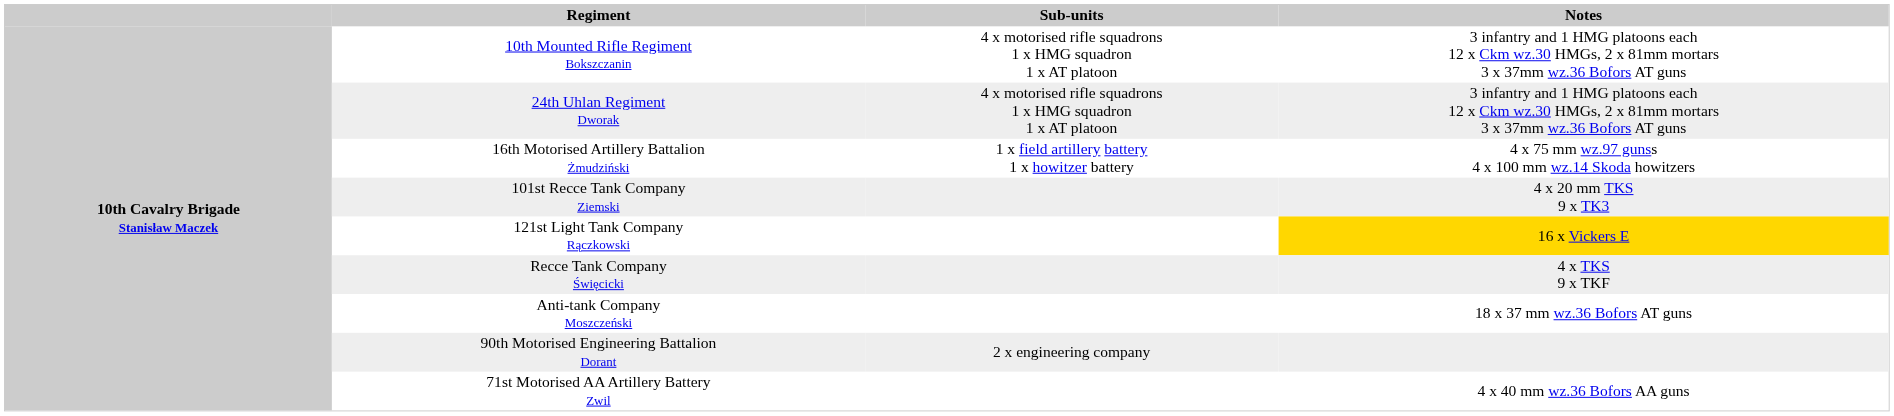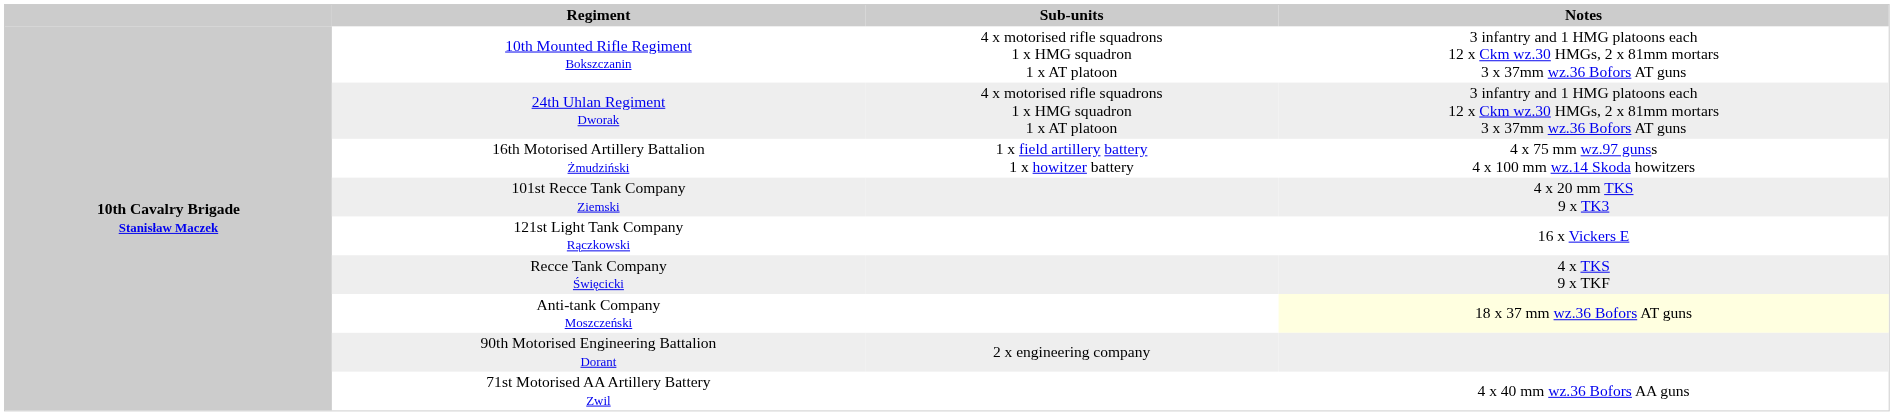 <table width=98% border="0" cellspacing="0" cellpadding="2" style="text-align:center; border:1px solid #ccc;">
 <tr>
 <th ROWSPAN=1 style="background:#ccc;"></th>
 <td style="background:#ccc;"><strong>Regiment</strong></td>
 <td style="background:#ccc;"><strong>Sub-units</strong></td>
 <td style="background:#ccc;"><strong>Notes</strong></td>
 </tr>
 <tr>
 <th ROWSPAN=9 style="background:#ccc;" style="border-bottom:1px solid gray;">10th Cavalry Brigade<br><small><a href='#'>Stanisław Maczek</a></small></th>
 <td><a href='#'>10th Mounted Rifle Regiment</a><br><small><a href='#'>Bokszczanin</a></small></td>
 <td>4 x motorised rifle squadrons<br>1 x HMG squadron<br>1 x AT platoon</td>
 <td>3 infantry and 1 HMG platoons each<br>12 x <a href='#'>Ckm wz.30</a> HMGs, 2 x 81mm mortars<br>3 x 37mm <a href='#'>wz.36 Bofors</a> AT guns</td>
 </tr>
 <tr style="background:#eee;">
 <td><a href='#'>24th Uhlan Regiment</a><br><small><a href='#'>Dworak</a></small></td>
 <td>4 x motorised rifle squadrons<br>1 x HMG squadron<br>1 x AT platoon</td>
 <td>3 infantry and 1 HMG platoons each<br>12 x <a href='#'>Ckm wz.30</a> HMGs, 2 x 81mm mortars<br>3 x 37mm <a href='#'>wz.36 Bofors</a> AT guns</td>
 </tr>
 <tr>
 <td>16th Motorised Artillery Battalion<br><small><a href='#'>Żmudziński</a></small></td>
 <td>1 x <a href='#'>field artillery</a> <a href='#'>battery</a><br>1 x <a href='#'>howitzer</a> battery</td>
 <td>4 x 75 mm <a href='#'>wz.97 guns</a>s<br>4 x 100 mm <a href='#'>wz.14 Skoda</a> howitzers</td>
 </tr>
 <tr style="background:#eee;">
 <td>101st Recce Tank Company<br><small><a href='#'>Ziemski</a></small></td>
 <td></td>
 <td>4 x 20 mm <a href='#'>TKS</a><br>9 x <a href='#'>TK3</a></td>
 </tr>
 <tr>
 <td>121st Light Tank Company<br><small><a href='#'>Rączkowski</a></small></td>
 <td></td>
-<td style="background: gold;">16 x <a href='#'>Vickers E</a></td>
+<td>16 x <a href='#'>Vickers E</a></td>
 </tr>
 <tr style="background:#eee;">
 <td>Recce Tank Company<br><small><a href='#'>Święcicki</a></small></td>
 <td></td>
 <td>4 x <a href='#'>TKS</a><br>9 x TKF</td>
 </tr>
 <tr>
 <td>Anti-tank Company<br><small><a href='#'>Moszczeński</a></small></td>
 <td></td>
-<td>18 x 37 mm <a href='#'>wz.36 Bofors</a> AT guns</td>
+<td style="background: lightyellow;">18 x 37 mm <a href='#'>wz.36 Bofors</a> AT guns</td>
 </tr>
 <tr style="background:#eee;">
 <td>90th Motorised Engineering Battalion<br><small><a href='#'>Dorant</a></small></td>
 <td>2 x engineering company</td>
 <td></td>
 </tr>
 <tr>
 <td>71st Motorised AA Artillery Battery <br><small><a href='#'>Zwil</a></small></td>
 <td></td>
 <td>4 x 40 mm <a href='#'>wz.36 Bofors</a> AA guns</td>
 </tr>
 <tr>
 </tr>
 </table>
